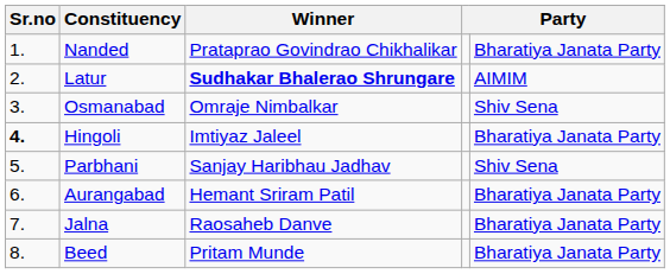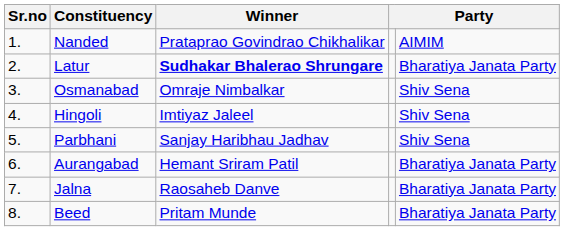 <table class="wikitable sortable">
 <tr>
 <th>Sr.no</th>
 <th>Constituency</th>
 <th>Winner</th>
 <th colspan=2>Party</th>
 </tr>
 <tr>
 <td>1.</td>
 <td><a href='#'>Nanded</a></td>
 <td><a href='#'>Prataprao Govindrao Chikhalikar</a></td>
 <td style="background-color:"></td>
-<td><a href='#'>Bharatiya Janata Party</a></td>
+<td><a href='#'>AIMIM</a></td>
 </tr>
 <tr>
 <td>2.</td>
 <td><a href='#'>Latur</a></td>
 <td><strong><a href='#'>Sudhakar Bhalerao Shrungare</a></strong></td>
 <td style="background-color:"></td>
-<td><a href='#'>AIMIM</a></td>
+<td><a href='#'>Bharatiya Janata Party</a></td>
 </tr>
 <tr>
 <td>3.</td>
 <td><a href='#'>Osmanabad</a></td>
 <td><a href='#'>Omraje Nimbalkar</a></td>
 <td style="background-color: "></td>
 <td><a href='#'>Shiv Sena</a></td>
 </tr>
 <tr>
-<td><strong>4.</strong></td>
+<td>4.</td>
 <td><a href='#'>Hingoli</a></td>
 <td><a href='#'>Imtiyaz Jaleel</a></td>
 <td style="background-color: "></td>
-<td><a href='#'>Bharatiya Janata Party</a></td>
+<td><a href='#'>Shiv Sena</a></td>
 </tr>
 <tr>
 <td>5.</td>
 <td><a href='#'>Parbhani</a></td>
 <td><a href='#'>Sanjay Haribhau Jadhav</a></td>
 <td style="background-color: "></td>
 <td><a href='#'>Shiv Sena</a></td>
 </tr>
 <tr>
 <td>6.</td>
 <td><a href='#'>Aurangabad</a></td>
 <td><a href='#'>Hemant Sriram Patil</a></td>
 <td style="background-color: "></td>
 <td><a href='#'>Bharatiya Janata Party</a></td>
 </tr>
 <tr>
 <td>7.</td>
 <td><a href='#'>Jalna</a></td>
 <td><a href='#'>Raosaheb Danve</a></td>
 <td style="background-color:"></td>
 <td><a href='#'>Bharatiya Janata Party</a></td>
 </tr>
 <tr>
 <td>8.</td>
 <td><a href='#'>Beed</a></td>
 <td><a href='#'>Pritam Munde</a></td>
 <td style="background-color:"></td>
 <td><a href='#'>Bharatiya Janata Party</a></td>
 </tr>
 </table>
